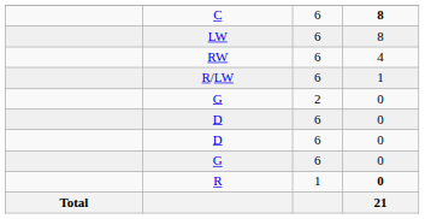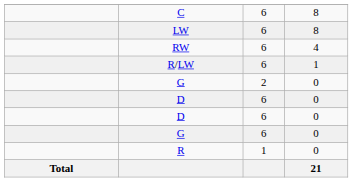 <table class="wikitable sortable" width ="40%">
 <tr align="center">
 </tr>
 <tr align="center" bgcolor="">
 <td></td>
 <td><a href='#'>C</a></td>
 <td>6</td>
-<td><strong>8</strong></td>
+<td>8</td>
 </tr>
 <tr align="center" bgcolor="f0f0f0">
 <td></td>
 <td><a href='#'>LW</a></td>
 <td>6</td>
 <td>8</td>
 </tr>
 <tr align="center" bgcolor="">
 <td></td>
 <td><a href='#'>RW</a></td>
 <td>6</td>
 <td>4</td>
 </tr>
 <tr align="center" bgcolor="f0f0f0">
 <td></td>
 <td><a href='#'>R</a>/<a href='#'>LW</a></td>
 <td>6</td>
 <td>1</td>
 </tr>
 <tr align="center" bgcolor="">
 <td></td>
 <td><a href='#'>G</a></td>
 <td>2</td>
 <td>0</td>
 </tr>
 <tr align="center" bgcolor="f0f0f0">
 <td></td>
 <td><a href='#'>D</a></td>
 <td>6</td>
 <td>0</td>
 </tr>
 <tr align="center" bgcolor="">
 <td></td>
 <td><a href='#'>D</a></td>
 <td>6</td>
 <td>0</td>
 </tr>
 <tr align="center" bgcolor="f0f0f0">
 <td></td>
 <td><a href='#'>G</a></td>
 <td>6</td>
 <td>0</td>
 </tr>
 <tr align="center" bgcolor="">
 <td></td>
 <td><a href='#'>R</a></td>
 <td>1</td>
-<td><strong>0</strong></td>
+<td>0</td>
 </tr>
 <tr>
 <th>Total</th>
 <th></th>
 <th></th>
 <th>21</th>
 </tr>
 </table>
